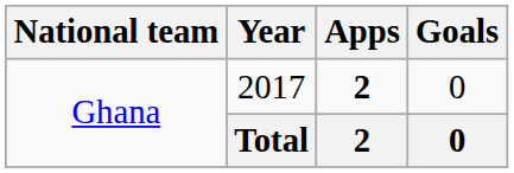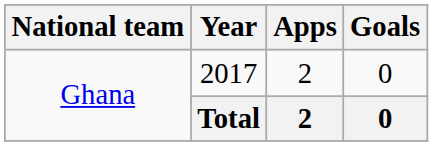 <table class="wikitable" style="text-align:center">
 <tr>
 <th>National team</th>
 <th>Year</th>
 <th>Apps</th>
 <th>Goals</th>
 </tr>
 <tr>
 <td rowspan="2"><a href='#'>Ghana</a></td>
 <td>2017</td>
-<td><strong>2</strong></td>
+<td>2</td>
 <td>0</td>
 </tr>
 <tr>
 <th>Total</th>
 <th>2</th>
 <th>0</th>
 </tr>
 </table>
